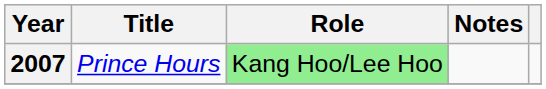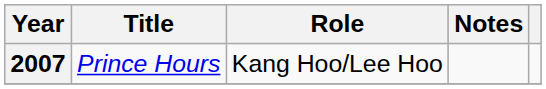 <table class="wikitable sortable plainrowheaders">
 <tr>
 <th scope="col">Year</th>
 <th scope="col">Title</th>
 <th scope="col">Role</th>
 <th scope="col">Notes</th>
 <th scope="col" class="unsortable"></th>
 </tr>
 <tr>
 <th scope="row">2007</th>
 <td><em><a href='#'>Prince Hours</a></em></td>
-<td style="background: lightgreen;">Kang Hoo/Lee Hoo</td>
+<td>Kang Hoo/Lee Hoo</td>
 <td></td>
 <td></td>
 </tr>
 <tr>
 </tr>
 </table>
